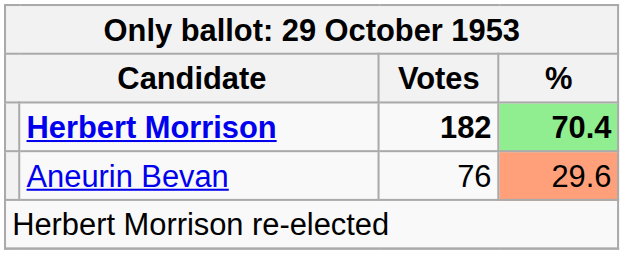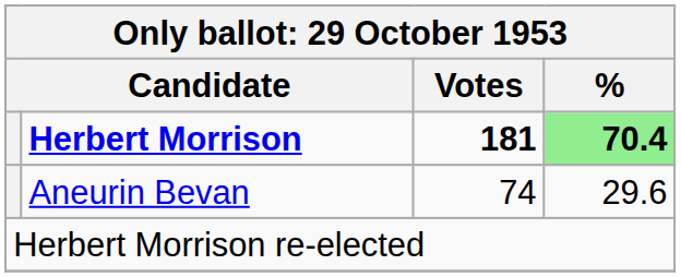 <table class=wikitable style="font-size:95%;">
 <tr>
 <th colspan="4">Only ballot: 29 October 1953</th>
 </tr>
 <tr>
 <th colspan="2" style="width: 170px">Candidate</th>
 <th style="width: 52px">Votes</th>
 <th style="width: 52px">%</th>
 </tr>
 <tr>
 <th style="background-color: "></th>
 <td style="width: 170px"><strong><a href='#'>Herbert Morrison</a></strong></td>
-<td align="right"><strong>182</strong></td>
+<td align="right"><strong>181</strong></td>
 <td align="right" style="background: lightgreen;"><strong>70.4</strong></td>
 </tr>
 <tr>
 <th style="background-color: "></th>
 <td style="width: 170px"><a href='#'>Aneurin Bevan</a></td>
-<td align="right">76</td>
-<td align="right" style="background: lightsalmon;">29.6</td>
+<td align="right">74</td>
+<td align="right">29.6</td>
 </tr>
 <tr>
 <td colspan="4">Herbert Morrison re-elected</td>
 </tr>
 <tr>
 </tr>
 </table>
